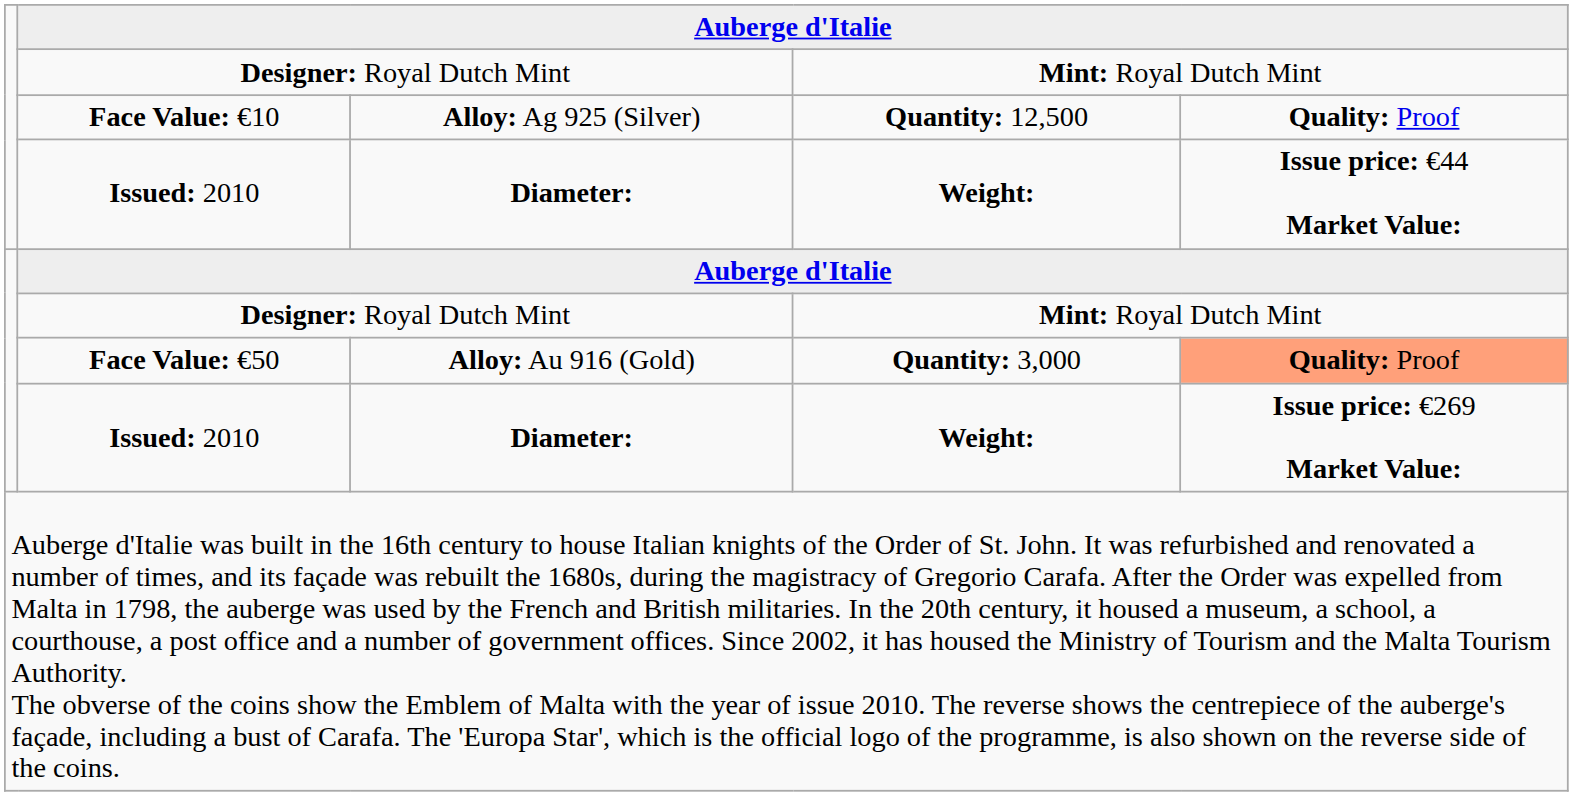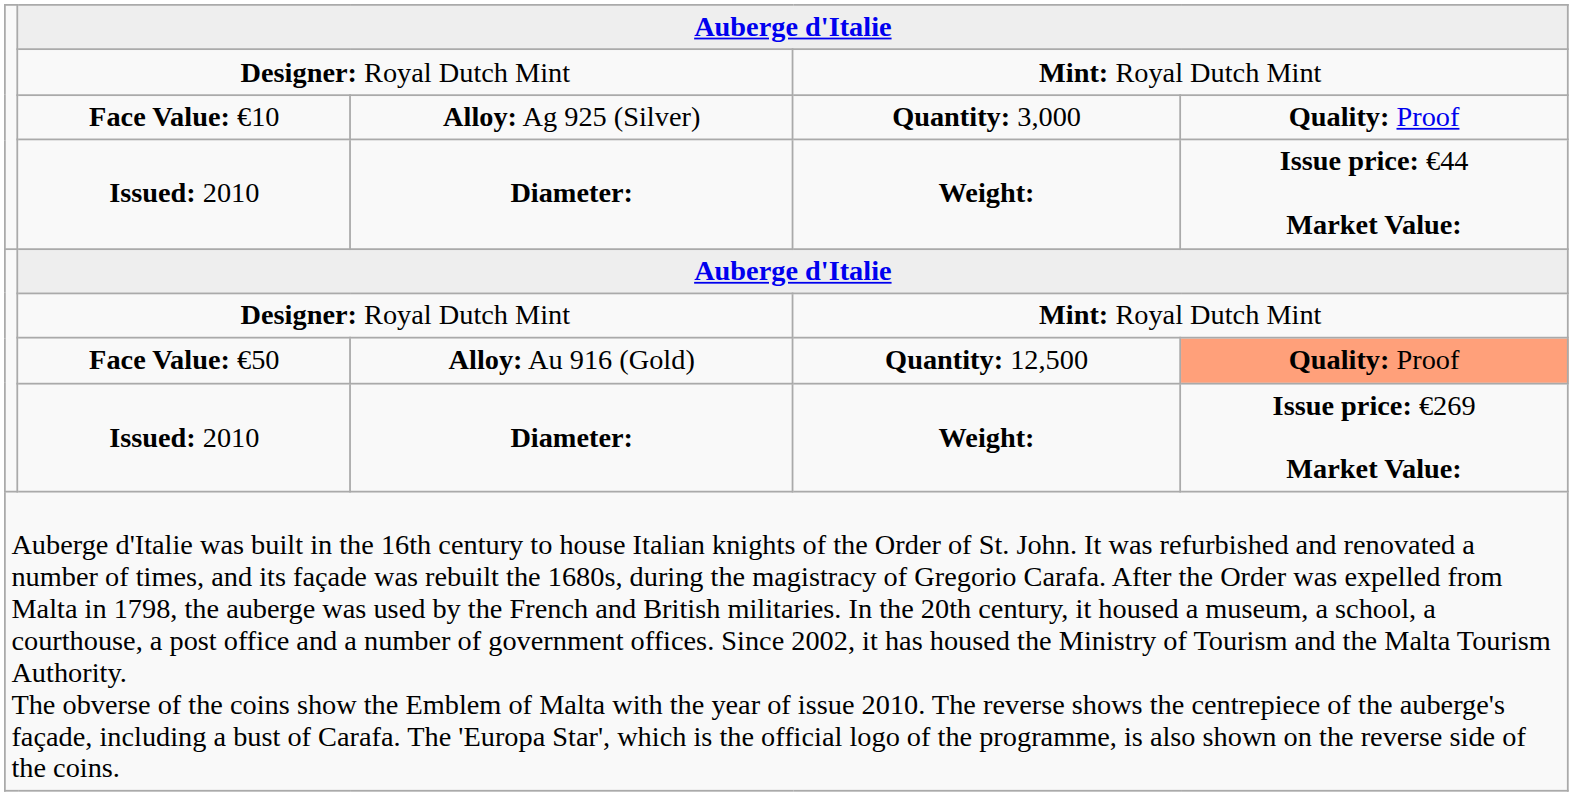 <table class="wikitable" width=100%>
 <tr>
 <td rowspan=4 width="330px" nowrap align=center></td>
 <th colspan="4" align=center style="background:#eeeeee;"><a href='#'>Auberge d'Italie</a></th>
 </tr>
 <tr>
 <td colspan="2" width="50%" align=center><strong>Designer:</strong> Royal Dutch Mint</td>
 <td colspan="2" width="50%" align=center><strong>Mint:</strong> Royal Dutch Mint</td>
 </tr>
 <tr>
 <td align=center><strong>Face Value:</strong> €10</td>
 <td align=center><strong>Alloy:</strong> Ag 925 (Silver)</td>
-<td align=center><strong>Quantity:</strong> 12,500</td>
+<td align=center><strong>Quantity:</strong> 3,000</td>
 <td align=center><strong>Quality:</strong> <a href='#'>Proof</a></td>
 </tr>
 <tr>
 <td align=center><strong>Issued:</strong> 2010</td>
 <td align=center><strong>Diameter:</strong> </td>
 <td align=center><strong>Weight:</strong> </td>
 <td align=center><strong>Issue price:</strong> €44<br><br> <strong>Market Value:</strong></td>
 </tr>
 <tr>
 <td rowspan=4 width="330px" nowrap align=center></td>
 <th colspan="4" align=center style="background:#eeeeee;"><a href='#'>Auberge d'Italie</a></th>
 </tr>
 <tr>
 <td colspan="2" width="50%" align=center><strong>Designer:</strong> Royal Dutch Mint</td>
 <td colspan="2" width="50%" align=center><strong>Mint:</strong> Royal Dutch Mint</td>
 </tr>
 <tr>
 <td align=center><strong>Face Value:</strong> €50</td>
 <td align=center><strong>Alloy:</strong> Au 916 (Gold)</td>
-<td align=center><strong>Quantity:</strong> 3,000</td>
+<td align=center><strong>Quantity:</strong> 12,500</td>
 <td align=center style="background: lightsalmon;"><strong>Quality:</strong> Proof</td>
 </tr>
 <tr>
 <td align=center><strong>Issued:</strong> 2010</td>
 <td align=center><strong>Diameter:</strong> </td>
 <td align=center><strong>Weight:</strong> </td>
 <td align=center><strong>Issue price:</strong> €269<br><br> <strong>Market Value:</strong></td>
 </tr>
 <tr>
 <td colspan="5" align=left><br>Auberge d'Italie was built in the 16th century to house Italian knights of the Order of St. John. It was refurbished and renovated a number of times, and its façade was rebuilt the 1680s, during the magistracy of Gregorio Carafa. After the Order was expelled from Malta in 1798, the auberge was used by the French and British militaries. In the 20th century, it housed a museum, a school, a courthouse, a post office and a number of government offices. Since 2002, it has housed the Ministry of Tourism and the Malta Tourism Authority.<br>The obverse of the coins show the Emblem of Malta with the year of issue 2010. The reverse shows the centrepiece of the auberge's façade, including a bust of Carafa. The 'Europa Star', which is the official logo of the programme, is also shown on the reverse side of the coins.</td>
 </tr>
 </table>
